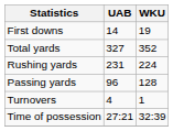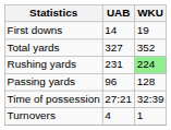 <table class="wikitable">
 <tr>
 <th>Statistics</th>
 <th>UAB</th>
 <th>WKU</th>
 </tr>
 <tr>
 <td>First downs</td>
 <td>14</td>
 <td>19</td>
 </tr>
 <tr>
 <td>Total yards</td>
 <td>327</td>
 <td>352</td>
 </tr>
 <tr>
 <td>Rushing yards</td>
 <td>231</td>
-<td>224</td>
+<td style="background: lightgreen;">224</td>
 </tr>
 <tr>
 <td>Passing yards</td>
 <td>96</td>
 <td>128</td>
 </tr>
 <tr>
+<td>Time of possession</td>
+<td>27:21</td>
+<td>32:39</td>
+</tr>
+<tr>
 <td>Turnovers</td>
 <td>4</td>
 <td>1</td>
 </tr>
 <tr>
-<td>Time of possession</td>
-<td>27:21</td>
-<td>32:39</td>
-</tr>
-<tr>
 </tr>
 </table>
